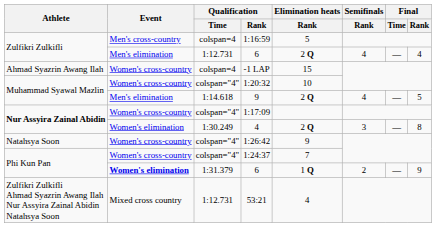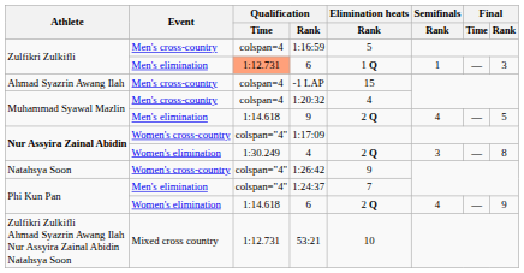 <table class="wikitable" style="font-size:90%">
 <tr>
 <th rowspan="2">Athlete</th>
 <th rowspan="2">Event</th>
 <th colspan="2">Qualification</th>
 <th>Elimination heats</th>
 <th>Semifinals</th>
 <th colspan="2">Final</th>
 </tr>
 <tr style="font-size:95%">
 <th>Time</th>
 <th>Rank</th>
 <th>Rank</th>
 <th>Rank</th>
 <th>Time</th>
 <th>Rank</th>
 </tr>
 <tr align="center">
 <td rowspan=2 align="left">Zulfikri Zulkifli</td>
 <td align="left"><a href='#'>Men's cross-country</a></td>
 <td>colspan=4 </td>
 <td>1:16:59</td>
 <td>5</td>
 </tr>
 <tr align="center">
 <td align="left"><a href='#'>Men's elimination</a></td>
-<td>1:12.731</td>
+<td style="background: lightsalmon;">1:12.731</td>
 <td>6</td>
-<td>2 <strong>Q</strong></td>
-<td>4 <strong></strong></td>
+<td>1 <strong>Q</strong></td>
+<td>1 <strong></strong></td>
 <td>—</td>
-<td>4</td>
+<td>3</td>
 </tr>
 <tr align="center">
 <td align="left">Ahmad Syazrin Awang Ilah</td>
-<td align="left"><a href='#'>Women's cross-country</a></td>
+<td align="left"><a href='#'>Men's cross-country</a></td>
 <td>colspan=4 </td>
 <td>-1 LAP</td>
 <td>15</td>
 </tr>
 <tr align="center">
 <td rowspan=2 align="left">Muhammad Syawal Mazlin</td>
-<td align="left"><a href='#'>Women's cross-country</a></td>
-<td>colspan="4" </td>
+<td align="left"><a href='#'>Men's cross-country</a></td>
+<td>colspan=4 </td>
 <td>1:20:32</td>
-<td>10</td>
+<td>4</td>
 </tr>
 <tr align="center">
 <td align="left"><a href='#'>Men's elimination</a></td>
 <td>1:14.618</td>
 <td>9</td>
 <td>2 <strong>Q</strong></td>
 <td>4 <strong></strong></td>
 <td>—</td>
 <td>5</td>
 </tr>
 <tr align="center">
 <td rowspan=2 align="left"><strong>Nur Assyira Zainal Abidin</strong></td>
 <td align="left"><a href='#'>Women's cross-country</a></td>
 <td>colspan="4" </td>
 <td>1:17:09</td>
 <td></td>
 </tr>
 <tr align="center">
 <td align="left"><a href='#'>Women's elimination</a></td>
 <td>1:30.249</td>
 <td>4</td>
 <td>2 <strong>Q</strong></td>
 <td>3 <strong></strong></td>
 <td>—</td>
 <td>8</td>
 </tr>
 <tr align="center">
 <td align="left">Natahsya Soon</td>
 <td align="left"><a href='#'>Women's cross-country</a></td>
 <td>colspan="4" </td>
 <td>1:26:42</td>
 <td>9</td>
 </tr>
 <tr align="center">
 <td rowspan=2 align="left">Phi Kun Pan</td>
-<td align="left"><a href='#'>Women's cross-country</a></td>
+<td align="left"><a href='#'>Men's elimination</a></td>
 <td>colspan="4" </td>
 <td>1:24:37</td>
 <td>7</td>
 </tr>
 <tr align="center">
-<td align="left"><strong><a href='#'>Women's elimination</a></strong></td>
-<td>1:31.379</td>
+<td align="left"><a href='#'>Women's elimination</a></td>
+<td>1:14.618</td>
 <td>6</td>
-<td>1 <strong>Q</strong></td>
-<td>2 <strong></strong></td>
+<td>2 <strong>Q</strong></td>
+<td>4 <strong></strong></td>
 <td>—</td>
 <td>9</td>
 </tr>
 <tr align="center">
 <td align="left">Zulfikri Zulkifli<br>Ahmad Syazrin Awang Ilah<br>Nur Assyira Zainal Abidin<br>Natahsya Soon</td>
 <td rowspan="1" align="left">Mixed cross country</td>
 <td>1:12.731</td>
 <td>53:21</td>
-<td>4</td>
+<td>10</td>
 </tr>
 </table>
